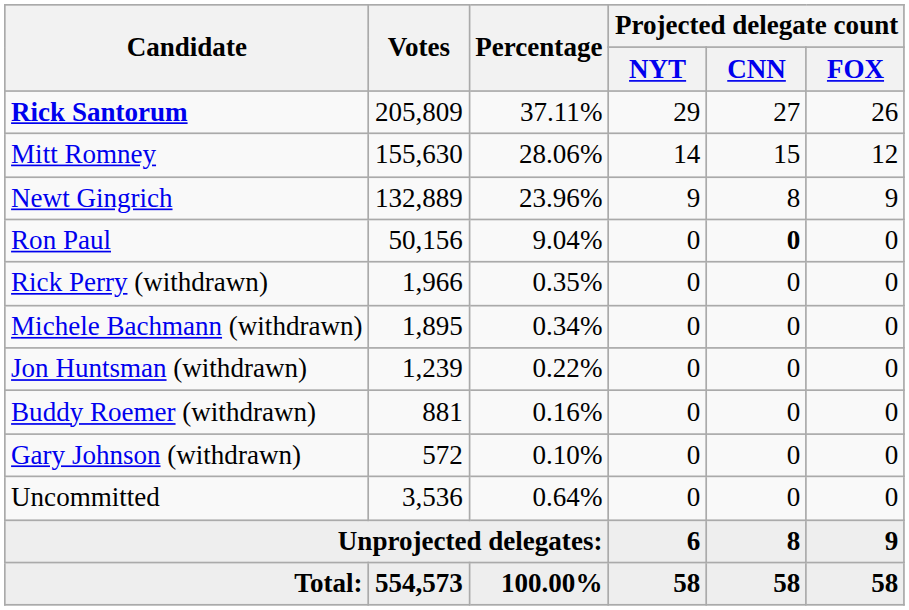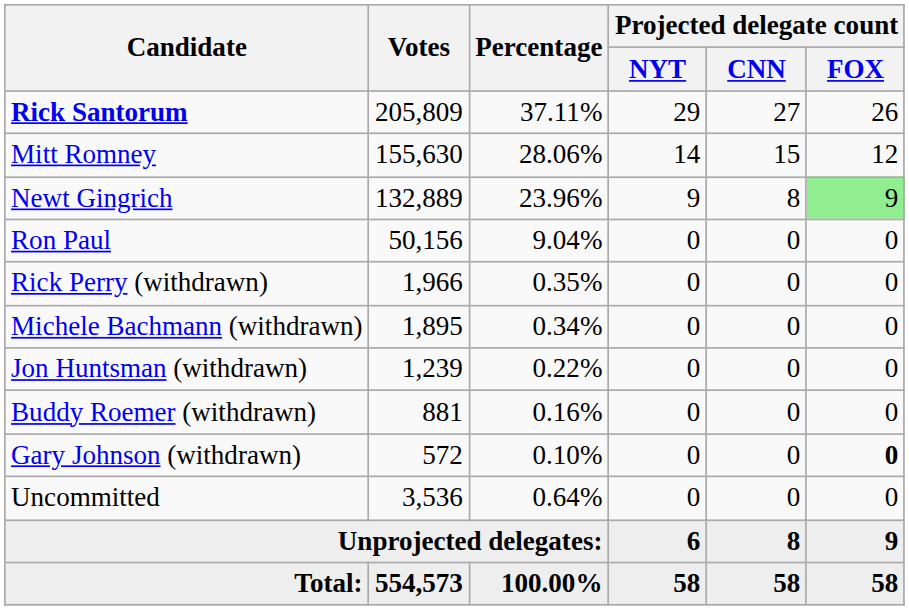 <table class="wikitable" style="text-align:right;">
 <tr>
 <th rowspan="2">Candidate</th>
 <th rowspan="2">Votes</th>
 <th rowspan="2">Percentage</th>
 <th colspan="3">Projected delegate count</th>
 </tr>
 <tr>
 <th><a href='#'>NYT</a><br></th>
 <th><a href='#'>CNN</a><br></th>
 <th><a href='#'>FOX</a><br></th>
 </tr>
 <tr>
 <td align="left"> <strong><a href='#'>Rick Santorum</a></strong></td>
 <td>205,809</td>
 <td>37.11%</td>
 <td>29</td>
 <td>27</td>
 <td>26</td>
 </tr>
 <tr>
 <td align="left"><a href='#'>Mitt Romney</a></td>
 <td>155,630</td>
 <td>28.06%</td>
 <td>14</td>
 <td>15</td>
 <td>12</td>
 </tr>
 <tr>
 <td align="left"><a href='#'>Newt Gingrich</a></td>
 <td>132,889</td>
 <td>23.96%</td>
 <td>9</td>
 <td>8</td>
-<td>9</td>
+<td style="background: lightgreen;">9</td>
 </tr>
 <tr>
 <td align="left"><a href='#'>Ron Paul</a></td>
 <td>50,156</td>
 <td>9.04%</td>
 <td>0</td>
-<td><strong>0</strong></td>
+<td>0</td>
 <td>0</td>
 </tr>
 <tr>
 <td align="left"><a href='#'>Rick Perry</a> (withdrawn)</td>
 <td>1,966</td>
 <td>0.35%</td>
 <td>0</td>
 <td>0</td>
 <td>0</td>
 </tr>
 <tr>
 <td align="left"><a href='#'>Michele Bachmann</a> (withdrawn)</td>
 <td>1,895</td>
 <td>0.34%</td>
 <td>0</td>
 <td>0</td>
 <td>0</td>
 </tr>
 <tr>
 <td align="left"><a href='#'>Jon Huntsman</a> (withdrawn)</td>
 <td>1,239</td>
 <td>0.22%</td>
 <td>0</td>
 <td>0</td>
 <td>0</td>
 </tr>
 <tr>
 <td align="left"><a href='#'>Buddy Roemer</a> (withdrawn)</td>
 <td>881</td>
 <td>0.16%</td>
 <td>0</td>
 <td>0</td>
 <td>0</td>
 </tr>
 <tr>
 <td align="left"><a href='#'>Gary Johnson</a> (withdrawn)</td>
 <td>572</td>
 <td>0.10%</td>
 <td>0</td>
 <td>0</td>
-<td>0</td>
+<td><strong>0</strong></td>
 </tr>
 <tr>
 <td align="left">Uncommitted</td>
 <td>3,536</td>
 <td>0.64%</td>
 <td>0</td>
 <td>0</td>
 <td>0</td>
 </tr>
 <tr bgcolor="#eeeeee">
 <td colspan="3"><strong>Unprojected delegates:</strong></td>
 <td><strong>6</strong></td>
 <td><strong>8</strong></td>
 <td><strong>9</strong></td>
 </tr>
 <tr bgcolor="#eeeeee">
 <td><strong>Total:</strong></td>
 <td><strong>554,573</strong></td>
 <td><strong>100.00%</strong></td>
 <td><strong>58</strong></td>
 <td><strong>58</strong></td>
 <td><strong>58</strong></td>
 </tr>
 </table>
